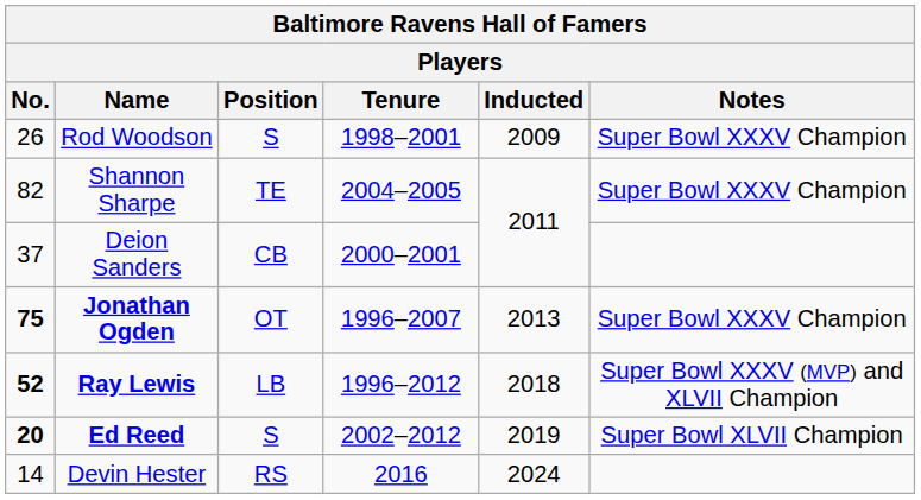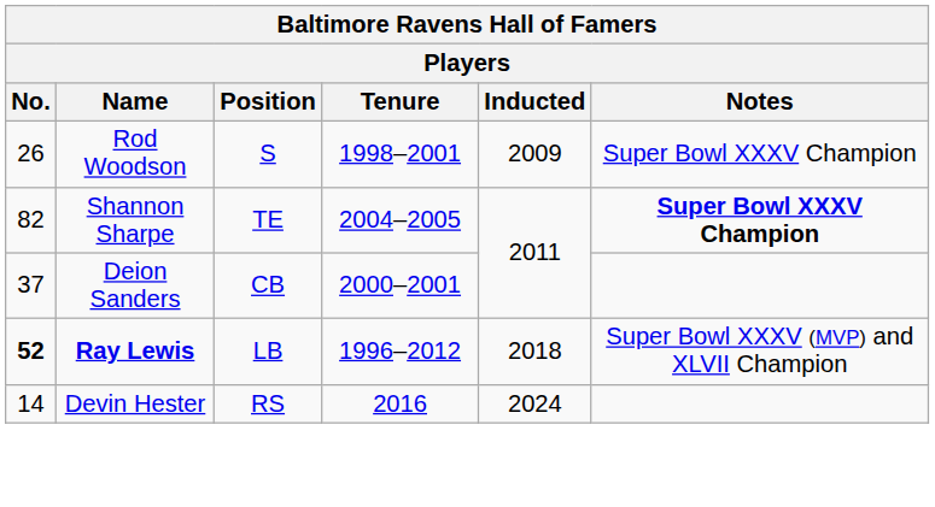 <table class="wikitable" style="text-align:center">
 <tr>
 <th colspan="6">Baltimore Ravens Hall of Famers</th>
 </tr>
 <tr>
 <th colspan="6">Players</th>
 </tr>
 <tr>
 <th>No.</th>
 <th>Name</th>
 <th>Position</th>
 <th style="width:6em;">Tenure</th>
 <th>Inducted</th>
 <th>Notes</th>
 </tr>
 <tr>
 <td>26</td>
 <td><a href='#'>Rod Woodson</a></td>
 <td><a href='#'>S</a></td>
 <td><a href='#'>1998</a>–<a href='#'>2001</a></td>
 <td>2009</td>
 <td><a href='#'>Super Bowl XXXV</a> Champion</td>
 </tr>
 <tr>
 <td>82</td>
 <td><a href='#'>Shannon Sharpe</a></td>
 <td><a href='#'>TE</a></td>
 <td><a href='#'>2004</a>–<a href='#'>2005</a></td>
 <td rowspan="2">2011</td>
-<td><a href='#'>Super Bowl XXXV</a> Champion</td>
+<td><strong><a href='#'>Super Bowl XXXV</a> Champion</strong></td>
 </tr>
 <tr>
 <td>37</td>
 <td><a href='#'>Deion Sanders</a></td>
 <td><a href='#'>CB</a></td>
 <td><a href='#'>2000</a>–<a href='#'>2001</a></td>
 <td></td>
-</tr>
-<tr>
-<td><strong>75</strong></td>
-<td><strong><a href='#'>Jonathan Ogden</a></strong></td>
-<td><a href='#'>OT</a></td>
-<td><a href='#'>1996</a>–<a href='#'>2007</a></td>
-<td>2013</td>
-<td><a href='#'>Super Bowl XXXV</a> Champion</td>
 </tr>
 <tr>
 <td><strong>52</strong></td>
 <td><strong><a href='#'>Ray Lewis</a></strong></td>
 <td><a href='#'>LB</a></td>
 <td><a href='#'>1996</a>–<a href='#'>2012</a></td>
 <td>2018</td>
 <td><a href='#'>Super Bowl XXXV</a> <small>(<a href='#'>MVP</a>)</small> and <a href='#'>XLVII</a> Champion</td>
 </tr>
 <tr>
-<td><strong>20</strong></td>
-<td><strong><a href='#'>Ed Reed</a></strong></td>
-<td><a href='#'>S</a></td>
-<td><a href='#'>2002</a>–<a href='#'>2012</a></td>
-<td>2019</td>
-<td><a href='#'>Super Bowl XLVII</a> Champion<br></td>
-</tr>
-<tr>
 <td>14</td>
 <td><a href='#'>Devin Hester</a></td>
 <td><a href='#'>RS</a></td>
 <td><a href='#'>2016</a></td>
 <td>2024</td>
 <td></td>
 </tr>
 </table>
